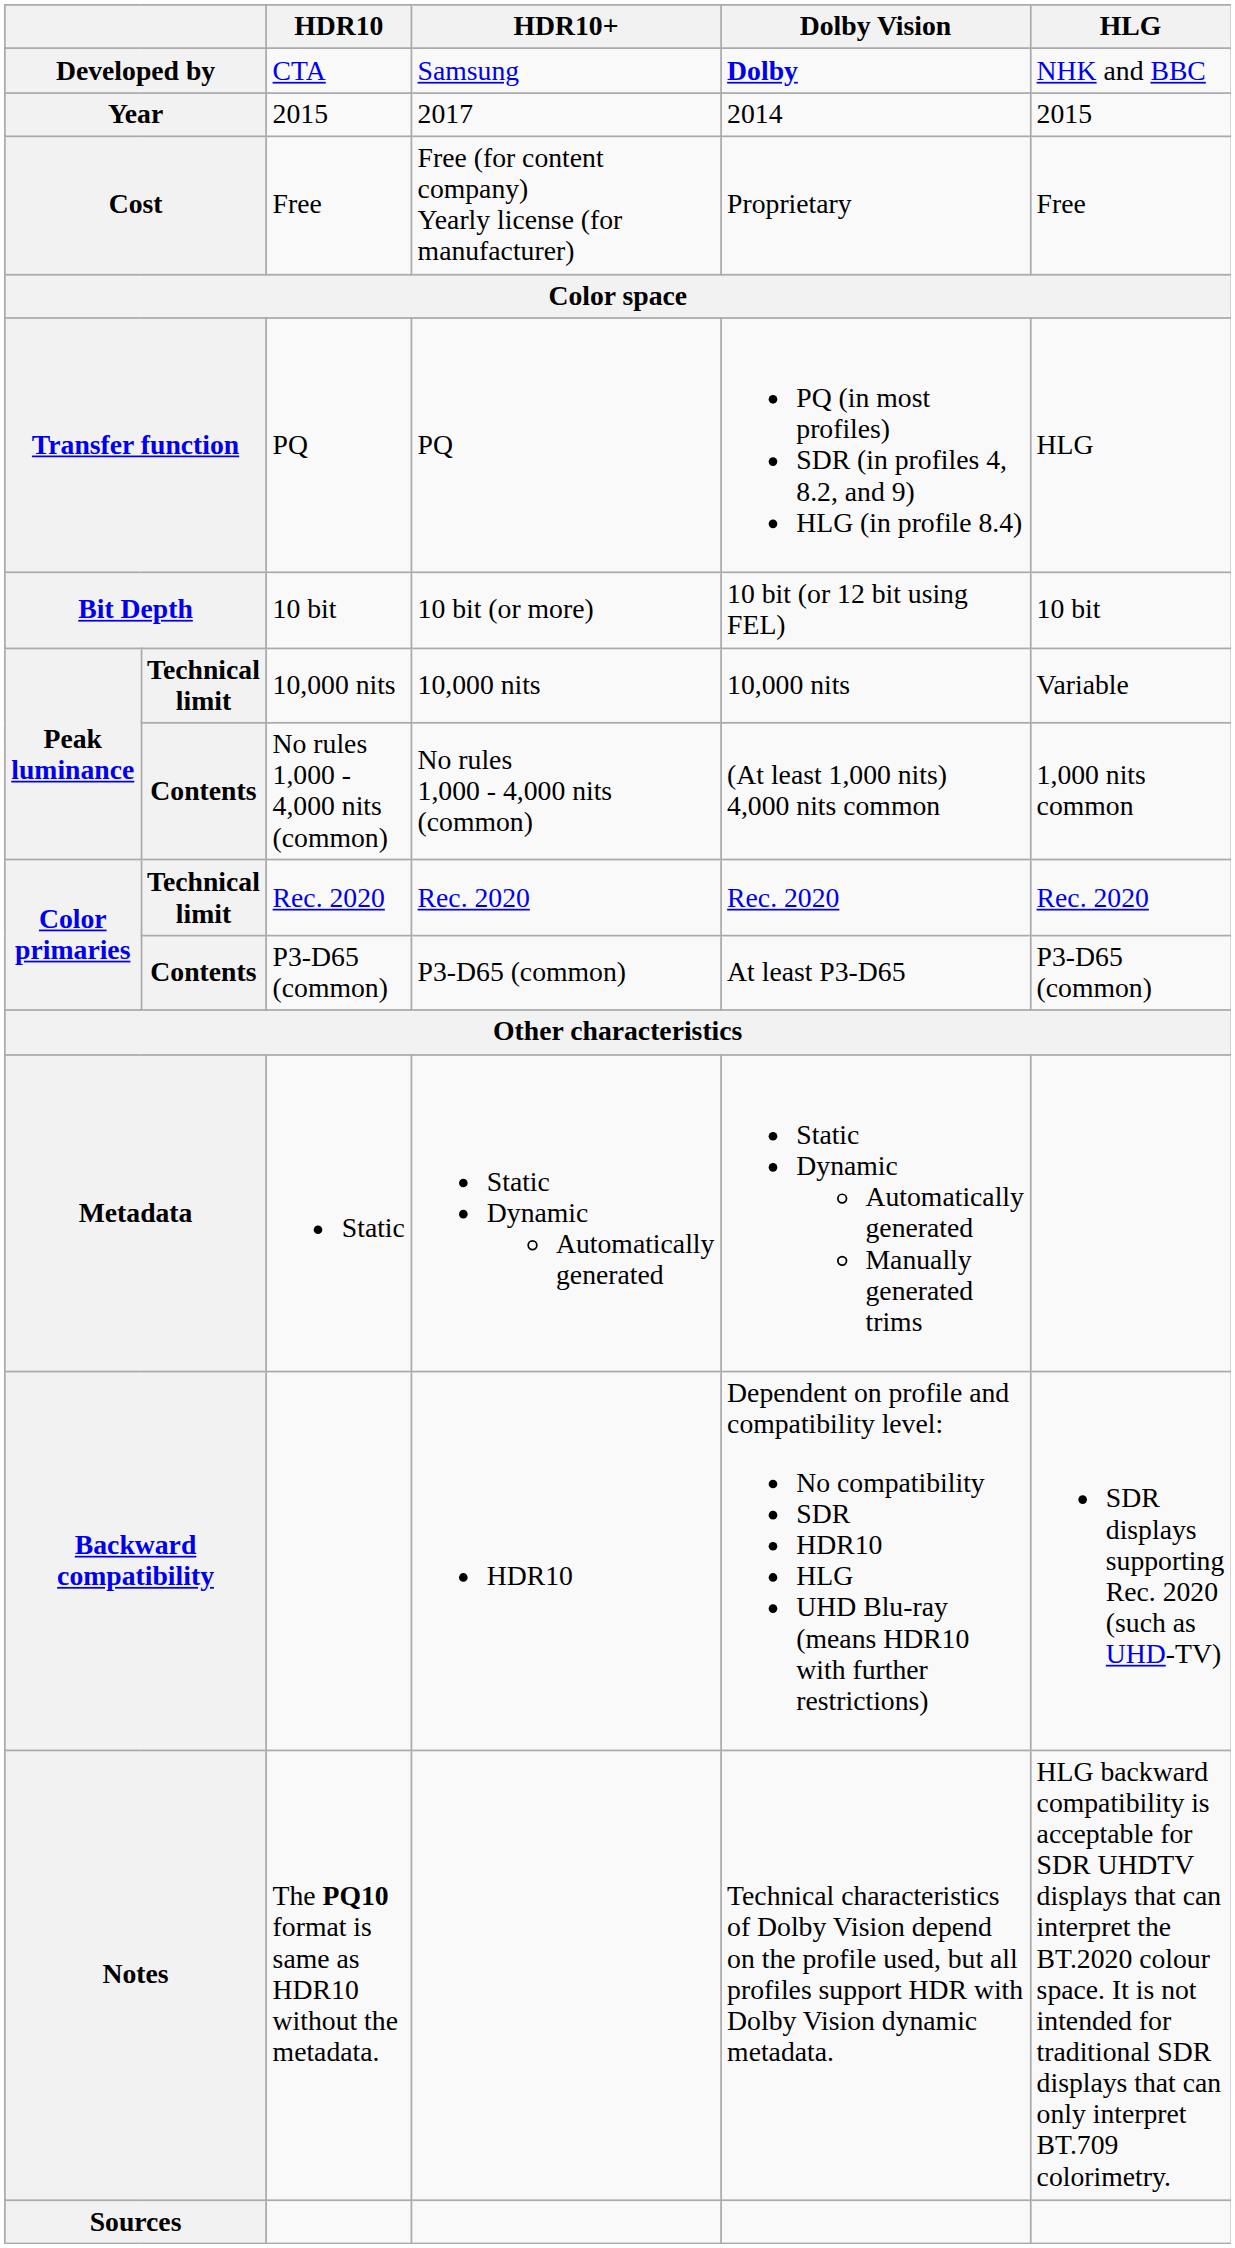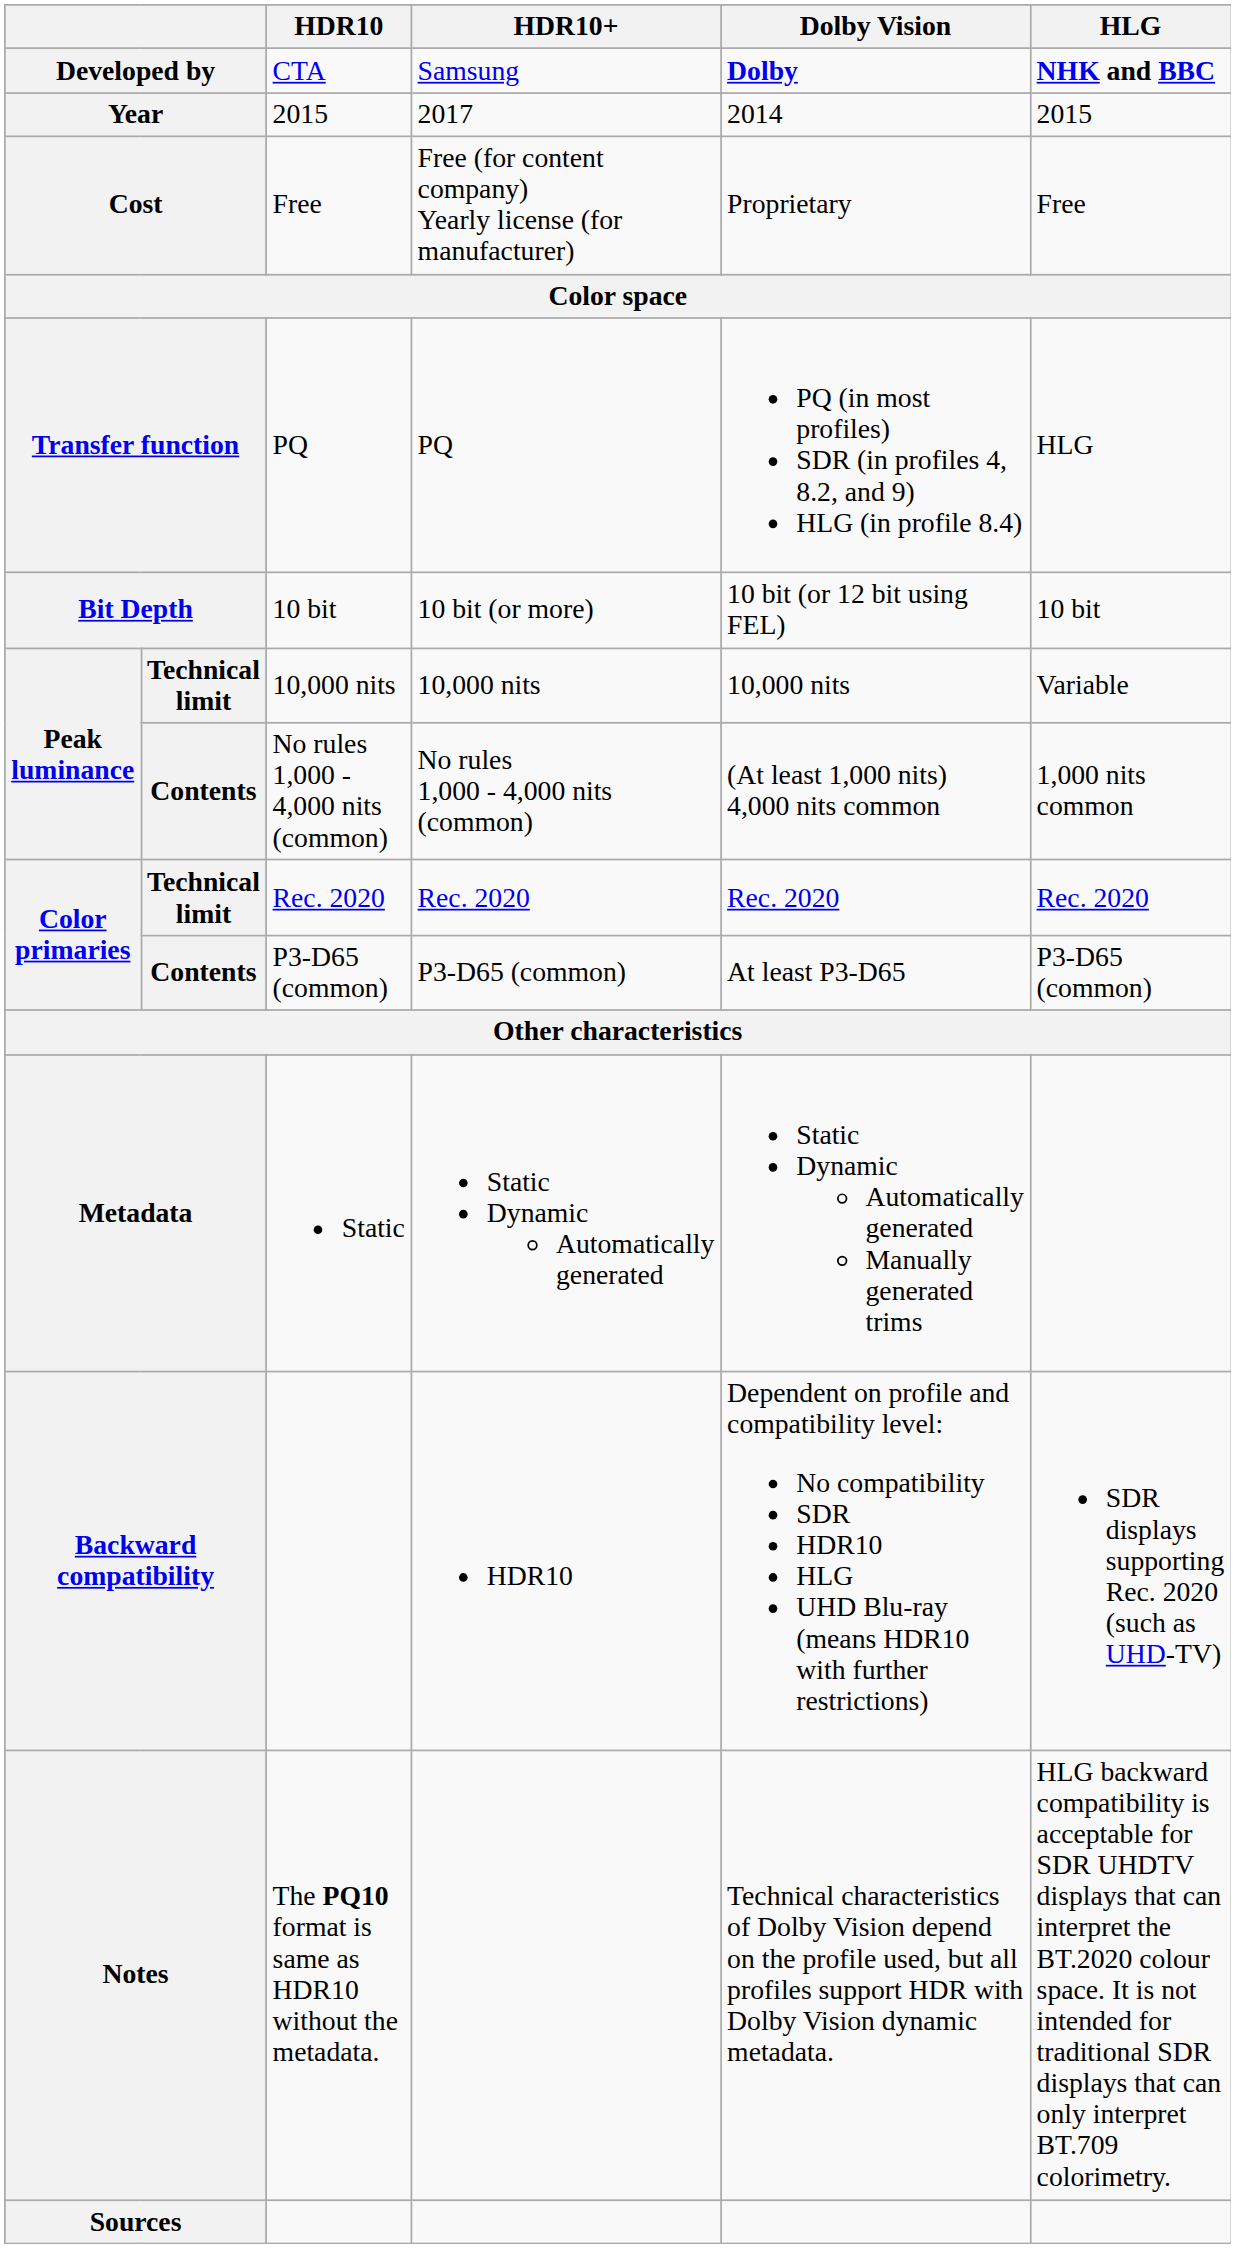 <table class="wikitable" style="max-width: 1200px;">
 <tr>
 <th scope="col" style="width: 16%;" colspan="2"></th>
 <th scope="col" style="width: 18%;">HDR10</th>
 <th scope="col" style="width: 18%;">HDR10+</th>
 <th scope="col" style="width: 24%;">Dolby Vision</th>
 <th scope="col" style="width: 24%;">HLG</th>
 </tr>
 <tr>
 <th colspan="2">Developed by</th>
 <td><a href='#'>CTA</a></td>
 <td><a href='#'>Samsung</a></td>
 <td><strong><a href='#'>Dolby</a></strong></td>
-<td><a href='#'>NHK</a> and <a href='#'>BBC</a></td>
+<td><strong><a href='#'>NHK</a> and <a href='#'>BBC</a></strong></td>
 </tr>
 <tr>
 <th colspan="2">Year</th>
 <td>2015</td>
 <td>2017</td>
 <td>2014</td>
 <td>2015</td>
 </tr>
 <tr>
 <th colspan="2">Cost</th>
 <td>Free</td>
 <td>Free (for content company)<br>Yearly license (for manufacturer)</td>
 <td>Proprietary</td>
 <td>Free</td>
 </tr>
 <tr>
 <th colspan="6">Color space</th>
 </tr>
 <tr>
 <th colspan="2"><a href='#'>Transfer function</a></th>
 <td>PQ</td>
 <td>PQ</td>
 <td><br><ul><li>PQ (in most profiles)</li><li>SDR (in profiles 4, 8.2, and 9)</li><li>HLG (in profile 8.4)</li></ul></td>
 <td>HLG</td>
 </tr>
 <tr>
 <th colspan="2"><a href='#'>Bit Depth</a></th>
 <td>10 bit</td>
 <td>10 bit (or more)</td>
 <td>10 bit (or 12 bit using FEL)</td>
 <td>10 bit</td>
 </tr>
 <tr>
 <th rowspan="2">Peak <a href='#'>luminance</a></th>
 <th>Technical limit</th>
 <td>10,000 nits</td>
 <td>10,000 nits</td>
 <td>10,000 nits</td>
 <td>Variable</td>
 </tr>
 <tr>
 <th>Contents</th>
 <td>No rules<br>1,000 - 4,000 nits (common)</td>
 <td>No rules<br>1,000 - 4,000 nits (common)</td>
 <td>(At least 1,000 nits)<br>4,000 nits common</td>
 <td>1,000 nits common</td>
 </tr>
 <tr>
 <th rowspan="2"><a href='#'>Color primaries</a></th>
 <th>Technical limit</th>
 <td><a href='#'>Rec. 2020</a></td>
 <td><a href='#'>Rec. 2020</a></td>
 <td><a href='#'>Rec. 2020</a></td>
 <td><a href='#'>Rec. 2020</a></td>
 </tr>
 <tr>
 <th>Contents</th>
 <td>P3-D65 (common)</td>
 <td>P3-D65 (common)</td>
 <td>At least P3-D65</td>
 <td>P3-D65 (common)</td>
 </tr>
 <tr>
 <th colspan="6">Other characteristics</th>
 </tr>
 <tr>
 <th colspan="2">Metadata</th>
 <td><br><ul><li>Static</li></ul></td>
 <td><br><ul><li>Static</li><li>Dynamic<ul><li>Automatically generated</li></ul></li></ul></td>
 <td><br><ul><li>Static</li><li>Dynamic<ul><li>Automatically generated</li><li>Manually generated trims</li></ul></li></ul></td>
 <td></td>
 </tr>
 <tr>
 <th colspan="2"><a href='#'>Backward compatibility</a></th>
 <td></td>
 <td><br><ul><li>HDR10</li></ul></td>
 <td>Dependent on profile and compatibility level:<br><ul><li>No compatibility</li><li>SDR</li><li>HDR10</li><li>HLG</li><li>UHD Blu-ray (means HDR10 with further restrictions)</li></ul></td>
 <td><br><ul><li>SDR displays supporting Rec. 2020 (such as <a href='#'>UHD</a>-TV)</li></ul></td>
 </tr>
 <tr>
 <th colspan="2">Notes</th>
 <td>The <strong>PQ10</strong> format is same as HDR10 without the metadata.</td>
 <td></td>
 <td>Technical characteristics of Dolby Vision depend on the profile used, but all profiles support HDR with Dolby Vision dynamic metadata.</td>
 <td>HLG backward compatibility is acceptable for SDR UHDTV displays that can interpret the BT.2020 colour space. It is not intended for traditional SDR displays that can only interpret BT.709 colorimetry.</td>
 </tr>
 <tr>
 <th colspan="2">Sources</th>
 <td></td>
 <td></td>
 <td></td>
 <td></td>
 </tr>
 </table>
